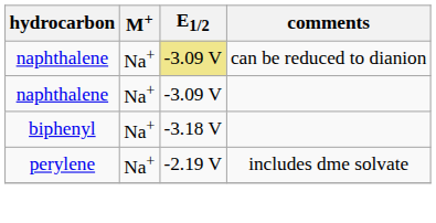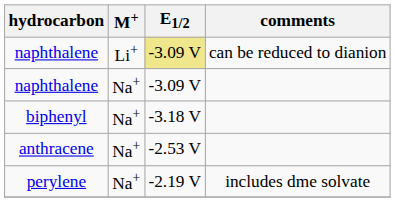 <table class=wikitable style="float:left; text-align:center">
 <tr>
 <th>hydrocarbon</th>
 <th>M<sup>+</sup></th>
 <th>E<sub>1/2</sub></th>
 <th>comments</th>
 </tr>
 <tr>
 <td><a href='#'>naphthalene</a></td>
-<td>Na<sup>+</sup></td>
+<td>Li<sup>+</sup></td>
 <td style="background: khaki;">-3.09 V</td>
 <td>can be reduced to dianion</td>
 </tr>
 <tr>
 <td><a href='#'>naphthalene</a></td>
 <td>Na<sup>+</sup></td>
 <td>-3.09 V</td>
 <td></td>
 </tr>
 <tr>
 <td><a href='#'>biphenyl</a></td>
 <td>Na<sup>+</sup></td>
 <td>-3.18 V</td>
 <td></td>
 </tr>
 <tr>
+<td><a href='#'>anthracene</a></td>
+<td>Na<sup>+</sup></td>
+<td>-2.53 V</td>
+<td></td>
+</tr>
+<tr>
 <td><a href='#'>perylene</a></td>
 <td>Na<sup>+</sup></td>
 <td>-2.19 V</td>
 <td>includes dme solvate</td>
 </tr>
 <tr>
 </tr>
 </table>
